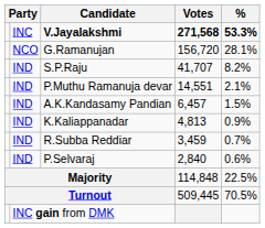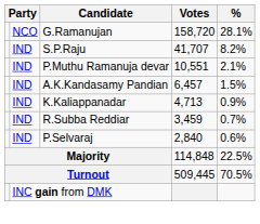 <table class="wikitable">
 <tr>
 <th colspan="2">Party</th>
 <th>Candidate</th>
 <th>Votes</th>
 <th>%</th>
 </tr>
 <tr>
 <td></td>
-<td><a href='#'>INC</a></td>
-<td><strong>V.Jayalakshmi</strong></td>
-<td><strong>271,568</strong></td>
-<td><strong>53.3%</strong></td>
-</tr>
-<tr>
-<td></td>
 <td><a href='#'>NCO</a></td>
 <td>G.Ramanujan</td>
-<td>156,720</td>
+<td>158,720</td>
 <td>28.1%</td>
 </tr>
 <tr>
 <td></td>
 <td><a href='#'>IND</a></td>
 <td>S.P.Raju</td>
 <td>41,707</td>
 <td>8.2%</td>
 </tr>
 <tr>
 <td></td>
 <td><a href='#'>IND</a></td>
 <td>P.Muthu Ramanuja devar</td>
-<td>14,551</td>
+<td>10,551</td>
 <td>2.1%</td>
 </tr>
 <tr>
 <td></td>
 <td><a href='#'>IND</a></td>
 <td>A.K.Kandasamy Pandian</td>
 <td>6,457</td>
 <td>1.5%</td>
 </tr>
 <tr>
 <td></td>
 <td><a href='#'>IND</a></td>
 <td>K.Kaliappanadar</td>
-<td>4,813</td>
+<td>4,713</td>
 <td>0.9%</td>
 </tr>
 <tr>
 <td></td>
 <td><a href='#'>IND</a></td>
 <td>R.Subba Reddiar</td>
 <td>3,459</td>
 <td>0.7%</td>
 </tr>
 <tr>
 <td></td>
 <td><a href='#'>IND</a></td>
 <td>P.Selvaraj</td>
 <td>2,840</td>
 <td>0.6%</td>
 </tr>
 <tr>
 <th colspan="3">Majority</th>
 <td>114,848</td>
 <td>22.5%</td>
 </tr>
 <tr>
 <th colspan="3"><a href='#'>Turnout</a></th>
 <td>509,445</td>
 <td>70.5%</td>
 </tr>
 <tr>
 <td></td>
 <td colspan="2"><a href='#'>INC</a> <strong>gain</strong> from <a href='#'>DMK</a></td>
 <th></th>
 <td></td>
 </tr>
 </table>
